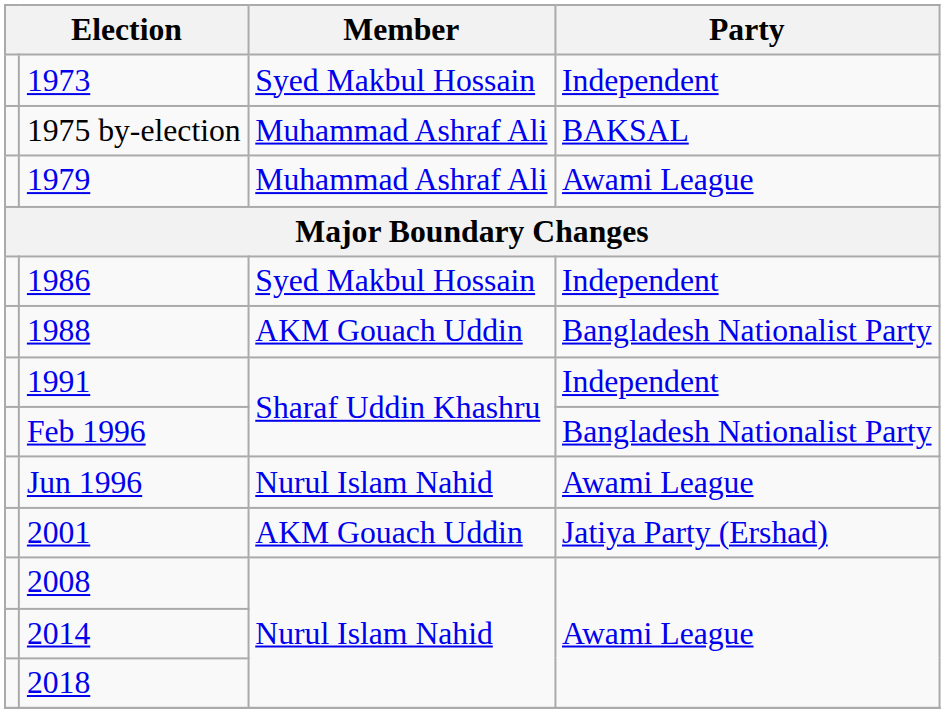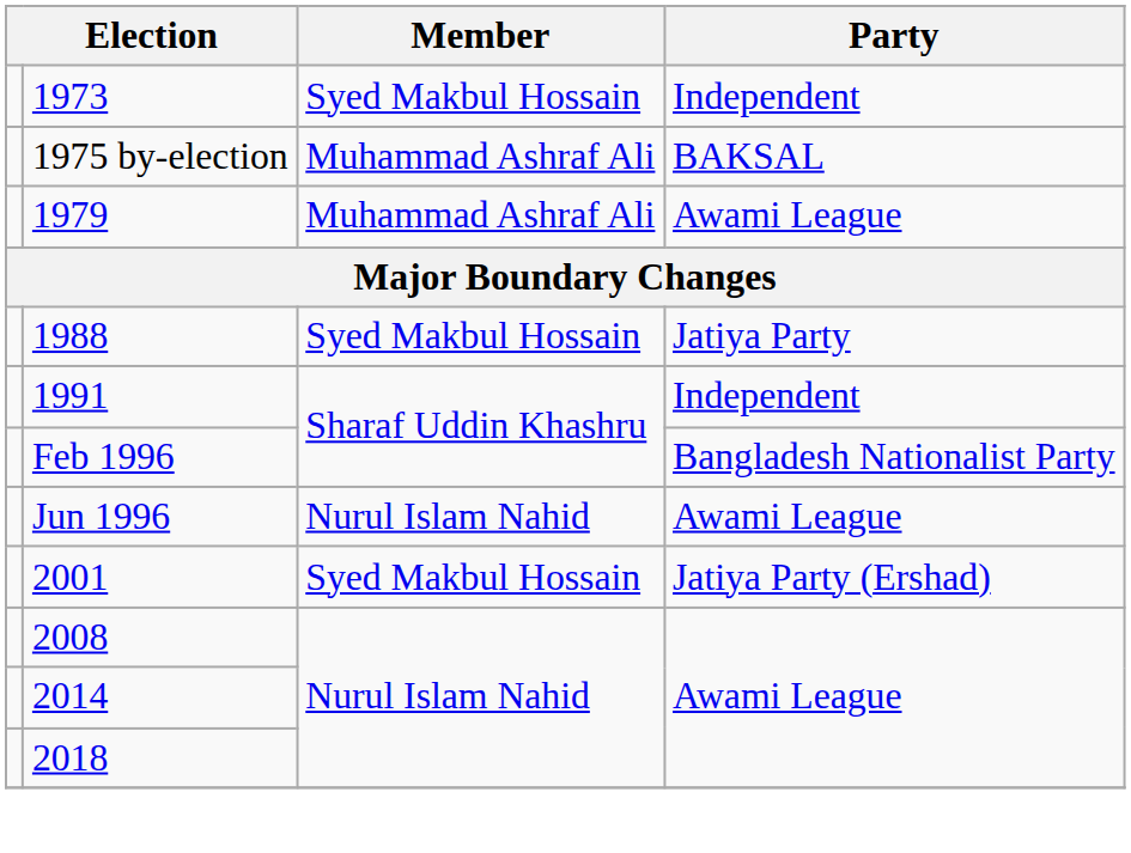 <table class="wikitable">
 <tr>
 <th colspan="2">Election</th>
 <th>Member</th>
 <th>Party</th>
 </tr>
 <tr>
 <td style="background-color:"></td>
 <td><a href='#'>1973</a></td>
 <td><a href='#'>Syed Makbul Hossain</a></td>
 <td><a href='#'>Independent</a></td>
 </tr>
 <tr>
 <td style="background-color:"></td>
 <td>1975 by-election</td>
 <td><a href='#'>Muhammad Ashraf Ali</a></td>
 <td><a href='#'>BAKSAL</a></td>
 </tr>
 <tr>
 <td style="background-color:"></td>
 <td><a href='#'>1979</a></td>
 <td><a href='#'>Muhammad Ashraf Ali</a></td>
 <td><a href='#'>Awami League</a></td>
 </tr>
 <tr>
 <th colspan="4">Major Boundary Changes</th>
 </tr>
 <tr>
 <td style="background-color:"></td>
-<td><a href='#'>1986</a></td>
+<td><a href='#'>1988</a></td>
 <td><a href='#'>Syed Makbul Hossain</a></td>
-<td><a href='#'>Independent</a></td>
-</tr>
-<tr>
-<td style="background-color:"></td>
-<td><a href='#'>1988</a></td>
-<td><a href='#'>AKM Gouach Uddin</a></td>
-<td><a href='#'>Bangladesh Nationalist Party</a></td>
+<td><a href='#'>Jatiya Party</a></td>
 </tr>
 <tr>
 <td style="background-color:"></td>
 <td><a href='#'>1991</a></td>
 <td rowspan="2"><a href='#'>Sharaf Uddin Khashru</a></td>
 <td><a href='#'>Independent</a></td>
 </tr>
 <tr>
 <td style="background-color:"></td>
 <td><a href='#'>Feb 1996</a></td>
 <td><a href='#'>Bangladesh Nationalist Party</a></td>
 </tr>
 <tr>
 <td style="background-color:"></td>
 <td><a href='#'>Jun 1996</a></td>
 <td><a href='#'>Nurul Islam Nahid</a></td>
 <td><a href='#'>Awami League</a></td>
 </tr>
 <tr>
 <td style="background-color:"></td>
 <td><a href='#'>2001</a></td>
-<td><a href='#'>AKM Gouach Uddin</a></td>
+<td><a href='#'>Syed Makbul Hossain</a></td>
 <td><a href='#'>Jatiya Party (Ershad)</a></td>
 </tr>
 <tr>
 <td style="background-color:"></td>
 <td><a href='#'>2008</a></td>
 <td rowspan="3"><a href='#'>Nurul Islam Nahid</a></td>
 <td rowspan="3"><a href='#'>Awami League</a></td>
 </tr>
 <tr>
 <td style="background-color:"></td>
 <td><a href='#'>2014</a></td>
 </tr>
 <tr>
 <td style="background-color:"></td>
 <td><a href='#'>2018</a></td>
 </tr>
 <tr>
 </tr>
 </table>
